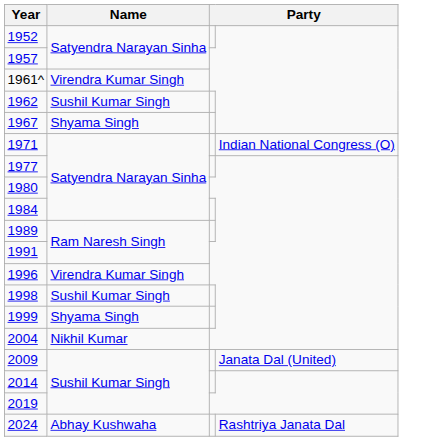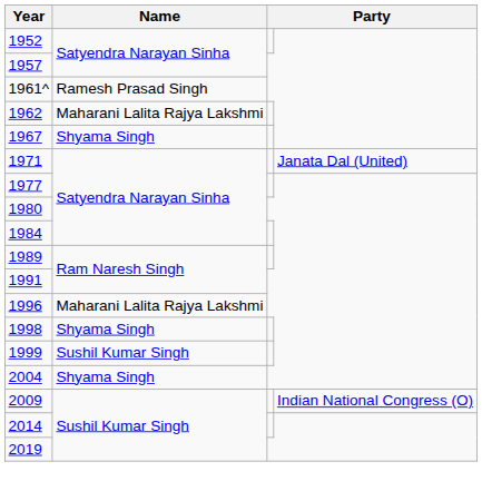 <table class="wikitable">
 <tr>
 <th>Year</th>
 <th>Name</th>
 <th colspan="2">Party</th>
 </tr>
 <tr>
 <td><a href='#'>1952</a></td>
 <td rowspan="2"><a href='#'>Satyendra Narayan Sinha</a></td>
 <td></td>
 </tr>
 <tr>
 <td><a href='#'>1957</a></td>
 </tr>
 <tr>
 <td>1961^</td>
-<td><a href='#'>Virendra Kumar Singh</a></td>
+<td>Ramesh Prasad Singh</td>
 </tr>
 <tr>
 <td><a href='#'>1962</a></td>
-<td><a href='#'>Sushil Kumar Singh</a></td>
+<td>Maharani Lalita Rajya Lakshmi</td>
 <td></td>
 </tr>
 <tr>
 <td><a href='#'>1967</a></td>
 <td><a href='#'>Shyama Singh</a></td>
 <td></td>
 </tr>
 <tr Dr faguni ram>
 <td><a href='#'>1971</a></td>
 <td rowspan="4"><a href='#'>Satyendra Narayan Sinha</a></td>
 <td style="background-color: "></td>
-<td><a href='#'>Indian National Congress (O)</a></td>
+<td><a href='#'>Janata Dal (United)</a></td>
 </tr>
 <tr>
 <td><a href='#'>1977</a></td>
 <td></td>
 </tr>
 <tr>
 <td><a href='#'>1980</a></td>
 </tr>
 <tr>
 <td><a href='#'>1984</a></td>
 <td></td>
 </tr>
 <tr>
 <td><a href='#'>1989</a></td>
 <td rowspan="2"><a href='#'>Ram Naresh Singh</a></td>
 <td></td>
 </tr>
 <tr>
 <td><a href='#'>1991</a></td>
 </tr>
 <tr>
 <td><a href='#'>1996</a></td>
-<td><a href='#'>Virendra Kumar Singh</a></td>
+<td>Maharani Lalita Rajya Lakshmi</td>
 </tr>
 <tr>
 <td><a href='#'>1998</a></td>
+<td><a href='#'>Shyama Singh</a></td>
+<td></td>
+</tr>
+<tr>
+<td><a href='#'>1999</a></td>
 <td><a href='#'>Sushil Kumar Singh</a></td>
 <td></td>
 </tr>
 <tr>
-<td><a href='#'>1999</a></td>
+<td><a href='#'>2004</a></td>
 <td><a href='#'>Shyama Singh</a></td>
-<td></td>
-</tr>
-<tr>
-<td><a href='#'>2004</a></td>
-<td><a href='#'>Nikhil Kumar</a></td>
 </tr>
 <tr>
 <td><a href='#'>2009</a></td>
 <td rowspan="3"><a href='#'>Sushil Kumar Singh</a></td>
 <td style="background-color: "></td>
-<td><a href='#'>Janata Dal (United)</a></td>
+<td><a href='#'>Indian National Congress (O)</a></td>
 </tr>
 <tr>
 <td><a href='#'>2014</a></td>
 <td></td>
 </tr>
 <tr>
 <td><a href='#'>2019</a></td>
 </tr>
-<tr>
-<td><a href='#'>2024</a></td>
-<td><a href='#'>Abhay Kushwaha</a></td>
-<td style="background-color: "></td>
-<td><a href='#'>Rashtriya Janata Dal</a></td>
-</tr>
 </table>
